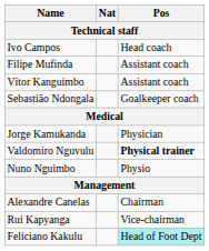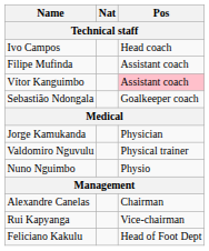 <table class="wikitable ve-ce-branchNode ve-ce-tableNode">
 <tr>
 <th>Name</th>
 <th>Nat</th>
 <th>Pos</th>
 </tr>
 <tr>
 <th colspan="4">Technical staff</th>
 </tr>
 <tr>
 <td>Ivo Campos</td>
 <td></td>
 <td>Head coach</td>
 </tr>
 <tr>
 <td>Filipe Mufinda</td>
 <td></td>
 <td>Assistant coach</td>
 </tr>
 <tr>
 <td>Vítor Kanguimbo</td>
 <td></td>
-<td>Assistant coach</td>
+<td style="background: pink;">Assistant coach</td>
 </tr>
 <tr>
 <td>Sebastião Ndongala</td>
 <td></td>
 <td>Goalkeeper coach</td>
 </tr>
 <tr>
 <th colspan="4">Medical</th>
 </tr>
 <tr>
 <td>Jorge Kamukanda</td>
 <td></td>
 <td>Physician</td>
 </tr>
 <tr>
 <td>Valdomiro Nguvulu</td>
 <td></td>
-<td><strong>Physical trainer</strong></td>
+<td>Physical trainer</td>
 </tr>
 <tr>
 <td>Nuno Nguimbo</td>
 <td></td>
 <td>Physio</td>
 </tr>
 <tr>
 <th colspan="4">Management</th>
 </tr>
 <tr>
 <td>Alexandre Canelas</td>
 <td></td>
 <td>Chairman</td>
 </tr>
 <tr>
 <td>Rui Kapyanga</td>
 <td></td>
 <td>Vice-chairman</td>
 </tr>
 <tr>
 <td>Feliciano Kakulu</td>
 <td></td>
-<td style="background: paleturquoise;">Head of Foot Dept</td>
+<td>Head of Foot Dept</td>
 </tr>
 </table>
